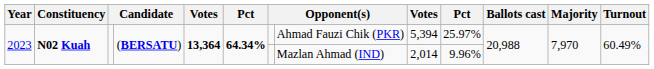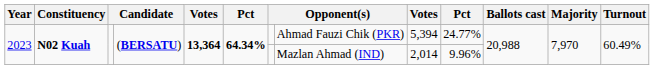 <table class="wikitable"style="margin:0.5em ; font-size:95%">
 <tr>
 <th>Year</th>
 <th>Constituency</th>
 <th colspan=2>Candidate</th>
 <th>Votes</th>
 <th>Pct</th>
 <th colspan=2>Opponent(s)</th>
 <th>Votes</th>
 <th>Pct</th>
 <th>Ballots cast</th>
 <th>Majority</th>
 <th>Turnout</th>
 </tr>
 <tr>
 <td rowspan=2><a href='#'>2023</a></td>
 <td rowspan=2><strong>N02 <a href='#'>Kuah</a></strong></td>
 <td rowspan=2 bgcolor=></td>
 <td rowspan=2> (<a href='#'><strong>BERSATU</strong></a>)</td>
 <td rowspan=2 align=right><strong>13,364</strong></td>
 <td rowspan=2><strong>64.34%</strong></td>
 <td></td>
 <td>Ahmad Fauzi Chik (<a href='#'>PKR</a>)</td>
 <td align=right>5,394</td>
-<td>25.97%</td>
+<td>24.77%</td>
 <td rowspan=2>20,988</td>
 <td rowspan=2>7,970</td>
 <td rowspan=2>60.49%</td>
 </tr>
 <tr>
 <td></td>
 <td>Mazlan Ahmad (<a href='#'>IND</a>)</td>
 <td align=right>2,014</td>
 <td align=right>9.96%</td>
 </tr>
 </table>
